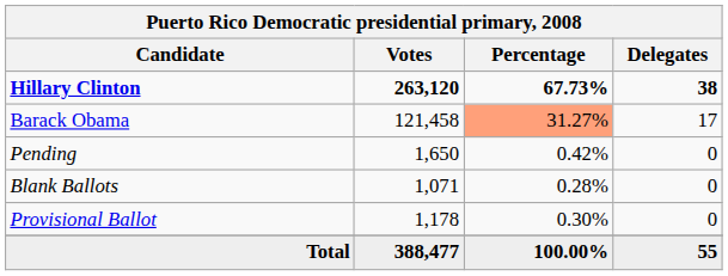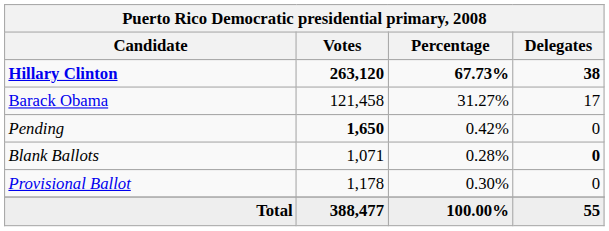 <table class="wikitable" style="font-size: 95%; text-align:right;">
 <tr>
 <th colspan="4">Puerto Rico Democratic presidential primary, 2008<br></th>
 </tr>
 <tr>
 <th style="width: 17em">Candidate</th>
 <th style="width: 5em">Votes</th>
 <th style="width: 7em">Percentage</th>
 <th style="width: 5em">Delegates</th>
 </tr>
 <tr>
 <td align="left"><strong><a href='#'>Hillary Clinton</a></strong></td>
 <td><strong>263,120</strong></td>
 <td><strong>67.73%</strong></td>
 <td><strong>38</strong></td>
 </tr>
 <tr>
 <td align="left"><a href='#'>Barack Obama</a></td>
 <td>121,458</td>
-<td style="background: lightsalmon;">31.27%</td>
+<td>31.27%</td>
 <td>17</td>
 </tr>
 <tr>
 <td align="left"><em>Pending</em></td>
-<td>1,650</td>
+<td><strong>1,650</strong></td>
 <td>0.42%</td>
 <td>0</td>
 </tr>
 <tr>
 <td align="left"><em>Blank Ballots</em></td>
 <td>1,071</td>
 <td>0.28%</td>
-<td>0</td>
+<td><strong>0</strong></td>
 </tr>
 <tr>
 <td align="left"><em><a href='#'>Provisional Ballot</a></em></td>
 <td>1,178</td>
 <td>0.30%</td>
 <td>0</td>
 </tr>
 <tr>
 </tr>
 <tr bgcolor="#EEEEEE">
 <td><strong>Total</strong></td>
 <td><strong>388,477</strong></td>
 <td><strong>100.00%</strong></td>
 <td><strong>55</strong></td>
 </tr>
 </table>
